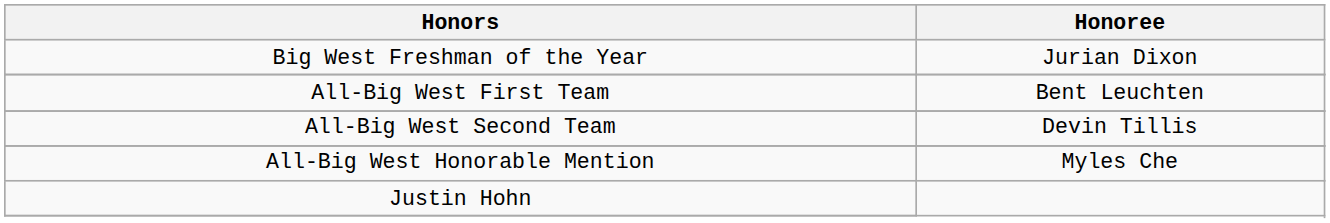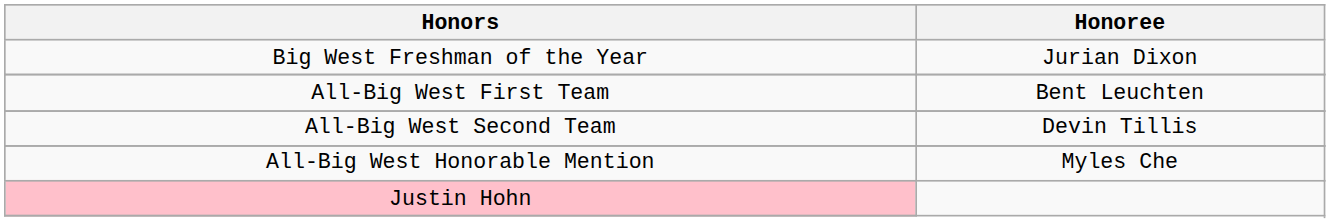 <table class="wikitable" style="width: 90%;text-align: center;">
 <tr>
 <th style=>Honors</th>
 <th style=>Honoree</th>
 </tr>
 <tr align="center">
 <td rowspan="1">Big West Freshman of the Year</td>
 <td>Jurian Dixon</td>
 </tr>
 <tr>
 </tr>
 <tr align="center">
 <td rowspan="1">All-Big West First Team</td>
 <td>Bent Leuchten</td>
 </tr>
 <tr>
 </tr>
 <tr align="center">
 <td rowspan="1">All-Big West Second Team</td>
 <td>Devin Tillis</td>
 </tr>
 <tr>
 </tr>
 <tr align="center">
 <td rowspan="2">All-Big West Honorable Mention</td>
 <td>Myles Che</td>
 </tr>
 <tr>
 </tr>
 <tr align="center">
-<td>Justin Hohn</td>
+<td style="background: pink;">Justin Hohn</td>
 </tr>
 <tr>
 </tr>
 </table>
